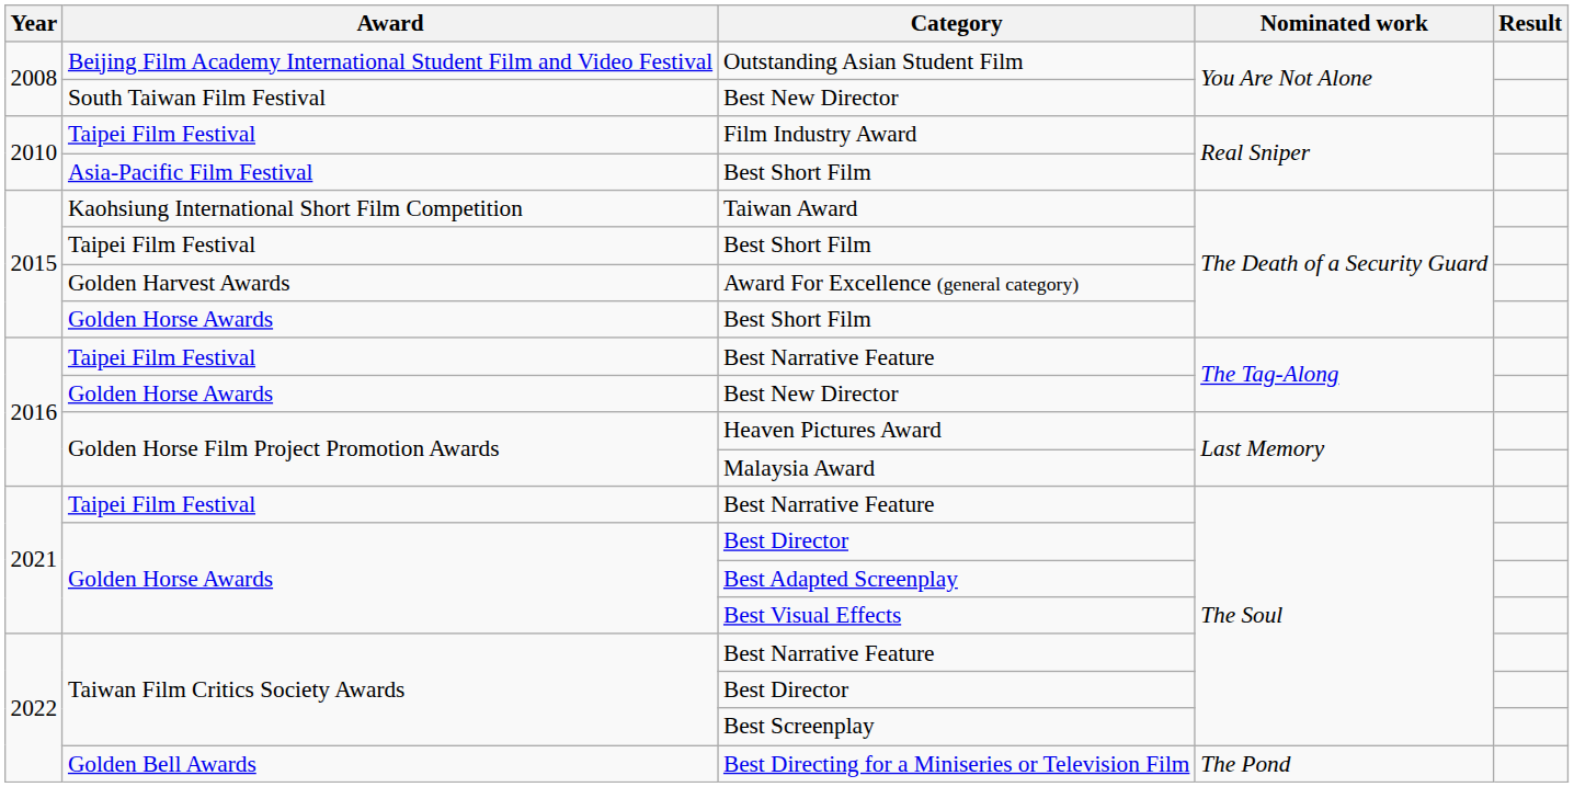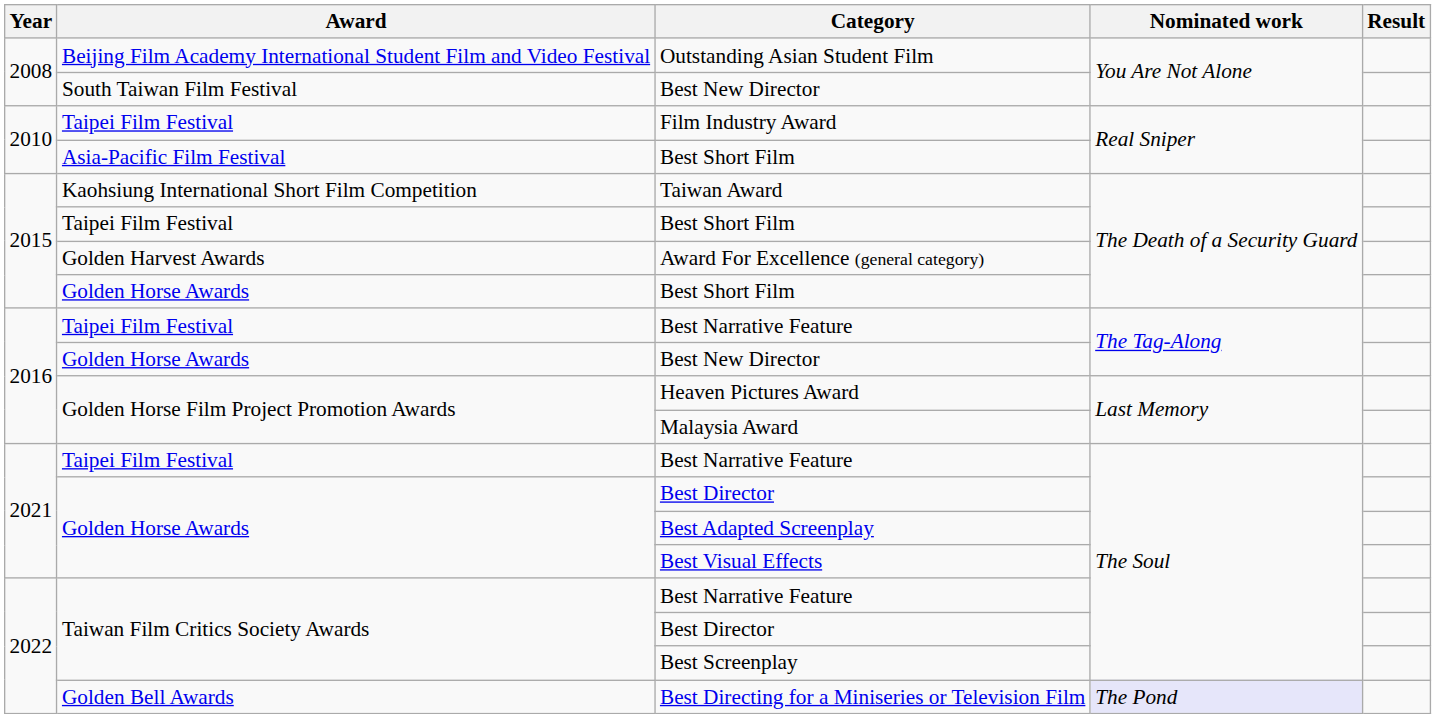 <table class="wikitable sortable">
 <tr>
 <th>Year</th>
 <th>Award</th>
 <th>Category</th>
 <th>Nominated work</th>
 <th>Result</th>
 </tr>
 <tr>
 <td rowspan=2>2008</td>
 <td><a href='#'>Beijing Film Academy International Student Film and Video Festival</a></td>
 <td>Outstanding Asian Student Film</td>
 <td rowspan=2><em>You Are Not Alone</em></td>
 <td></td>
 </tr>
 <tr>
 <td>South Taiwan Film Festival</td>
 <td>Best New Director</td>
 <td></td>
 </tr>
 <tr>
 <td rowspan=2>2010</td>
 <td><a href='#'>Taipei Film Festival</a></td>
 <td>Film Industry Award</td>
 <td rowspan=2><em>Real Sniper</em></td>
 <td></td>
 </tr>
 <tr>
 <td><a href='#'>Asia-Pacific Film Festival</a></td>
 <td>Best Short Film</td>
 <td></td>
 </tr>
 <tr>
 <td rowspan=4>2015</td>
 <td>Kaohsiung International Short Film Competition</td>
 <td>Taiwan Award</td>
 <td rowspan=4><em>The Death of a Security Guard</em></td>
 <td></td>
 </tr>
 <tr>
 <td>Taipei Film Festival</td>
 <td>Best Short Film</td>
 <td></td>
 </tr>
 <tr>
 <td>Golden Harvest Awards</td>
 <td>Award For Excellence <small>(general category)</small></td>
 <td></td>
 </tr>
 <tr>
 <td><a href='#'>Golden Horse Awards</a></td>
 <td>Best Short Film</td>
 <td></td>
 </tr>
 <tr>
 <td rowspan=4>2016</td>
 <td><a href='#'>Taipei Film Festival</a></td>
 <td>Best Narrative Feature</td>
 <td rowspan=2><em><a href='#'>The Tag-Along</a></em></td>
 <td></td>
 </tr>
 <tr>
 <td><a href='#'>Golden Horse Awards</a></td>
 <td>Best New Director</td>
 <td></td>
 </tr>
 <tr>
 <td rowspan=2>Golden Horse Film Project Promotion Awards</td>
 <td>Heaven Pictures Award</td>
 <td rowspan=2><em>Last Memory</em></td>
 <td></td>
 </tr>
 <tr>
 <td>Malaysia Award</td>
 <td></td>
 </tr>
 <tr>
 <td rowspan=4>2021</td>
 <td><a href='#'>Taipei Film Festival</a></td>
 <td>Best Narrative Feature</td>
 <td rowspan=7><em>The Soul</em></td>
 <td></td>
 </tr>
 <tr>
 <td rowspan=3><a href='#'>Golden Horse Awards</a></td>
 <td><a href='#'>Best Director</a></td>
 <td></td>
 </tr>
 <tr>
 <td><a href='#'>Best Adapted Screenplay</a></td>
 <td></td>
 </tr>
 <tr>
 <td><a href='#'>Best Visual Effects</a></td>
 <td></td>
 </tr>
 <tr>
 <td rowspan=4>2022</td>
 <td rowspan=3>Taiwan Film Critics Society Awards</td>
 <td>Best Narrative Feature</td>
 <td></td>
 </tr>
 <tr>
 <td>Best Director</td>
 <td></td>
 </tr>
 <tr>
 <td>Best Screenplay</td>
 <td></td>
 </tr>
 <tr>
 <td><a href='#'>Golden Bell Awards</a></td>
 <td><a href='#'>Best Directing for a Miniseries or Television Film</a></td>
-<td><em>The Pond</em></td>
+<td style="background: lavender;"><em>The Pond</em></td>
 <td></td>
 </tr>
 </table>
